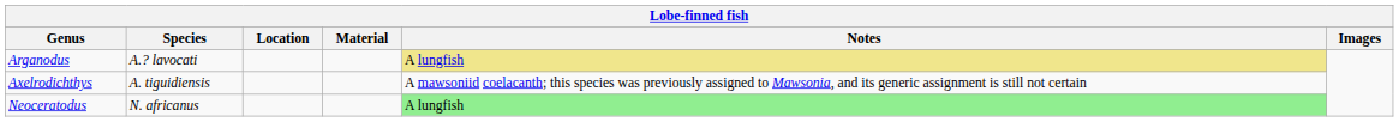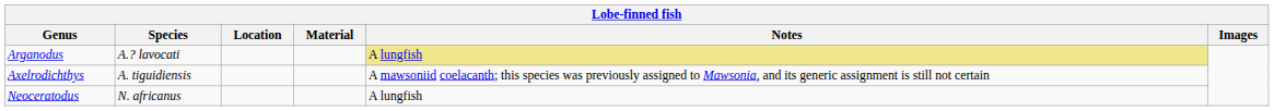 <table class="wikitable" align="center" width="100%">
 <tr>
 <th colspan="6" align="center"><a href='#'>Lobe-finned fish</a></th>
 </tr>
 <tr>
 <th>Genus</th>
 <th>Species</th>
 <th>Location</th>
 <th>Material</th>
 <th>Notes</th>
 <th>Images</th>
 </tr>
 <tr>
 <td><em><a href='#'>Arganodus</a></em></td>
 <td><em>A.? lavocati</em></td>
 <td></td>
 <td></td>
 <td style="background: khaki;">A <a href='#'>lungfish</a></td>
 <td rowspan="98"><br> </td>
 </tr>
 <tr>
 <td><em><a href='#'>Axelrodichthys</a></em></td>
 <td><em>A. tiguidiensis</em></td>
 <td></td>
 <td></td>
 <td>A <a href='#'>mawsoniid</a> <a href='#'>coelacanth</a>; this species was previously assigned to <em><a href='#'>Mawsonia</a></em>, and its generic assignment is still not certain</td>
 </tr>
 <tr>
 <td><em><a href='#'>Neoceratodus</a></em></td>
 <td><em>N. africanus</em></td>
 <td></td>
 <td></td>
-<td style="background: lightgreen;">A lungfish</td>
+<td>A lungfish</td>
 </tr>
 </table>
